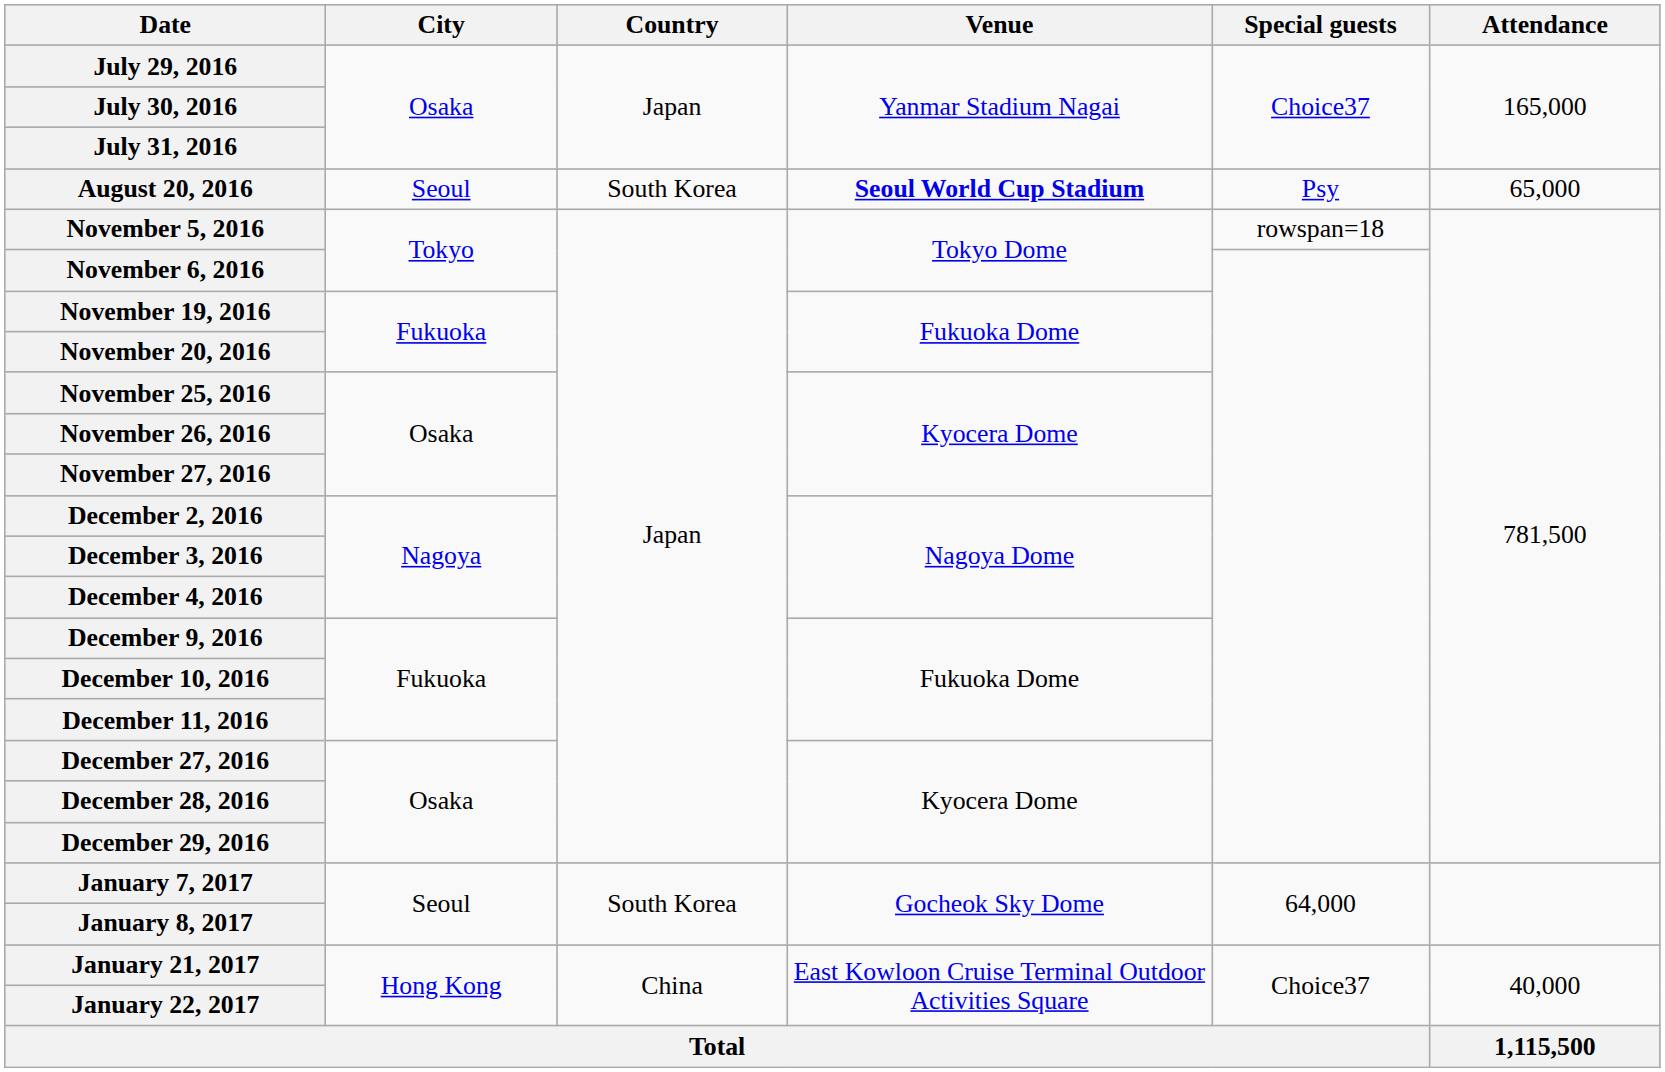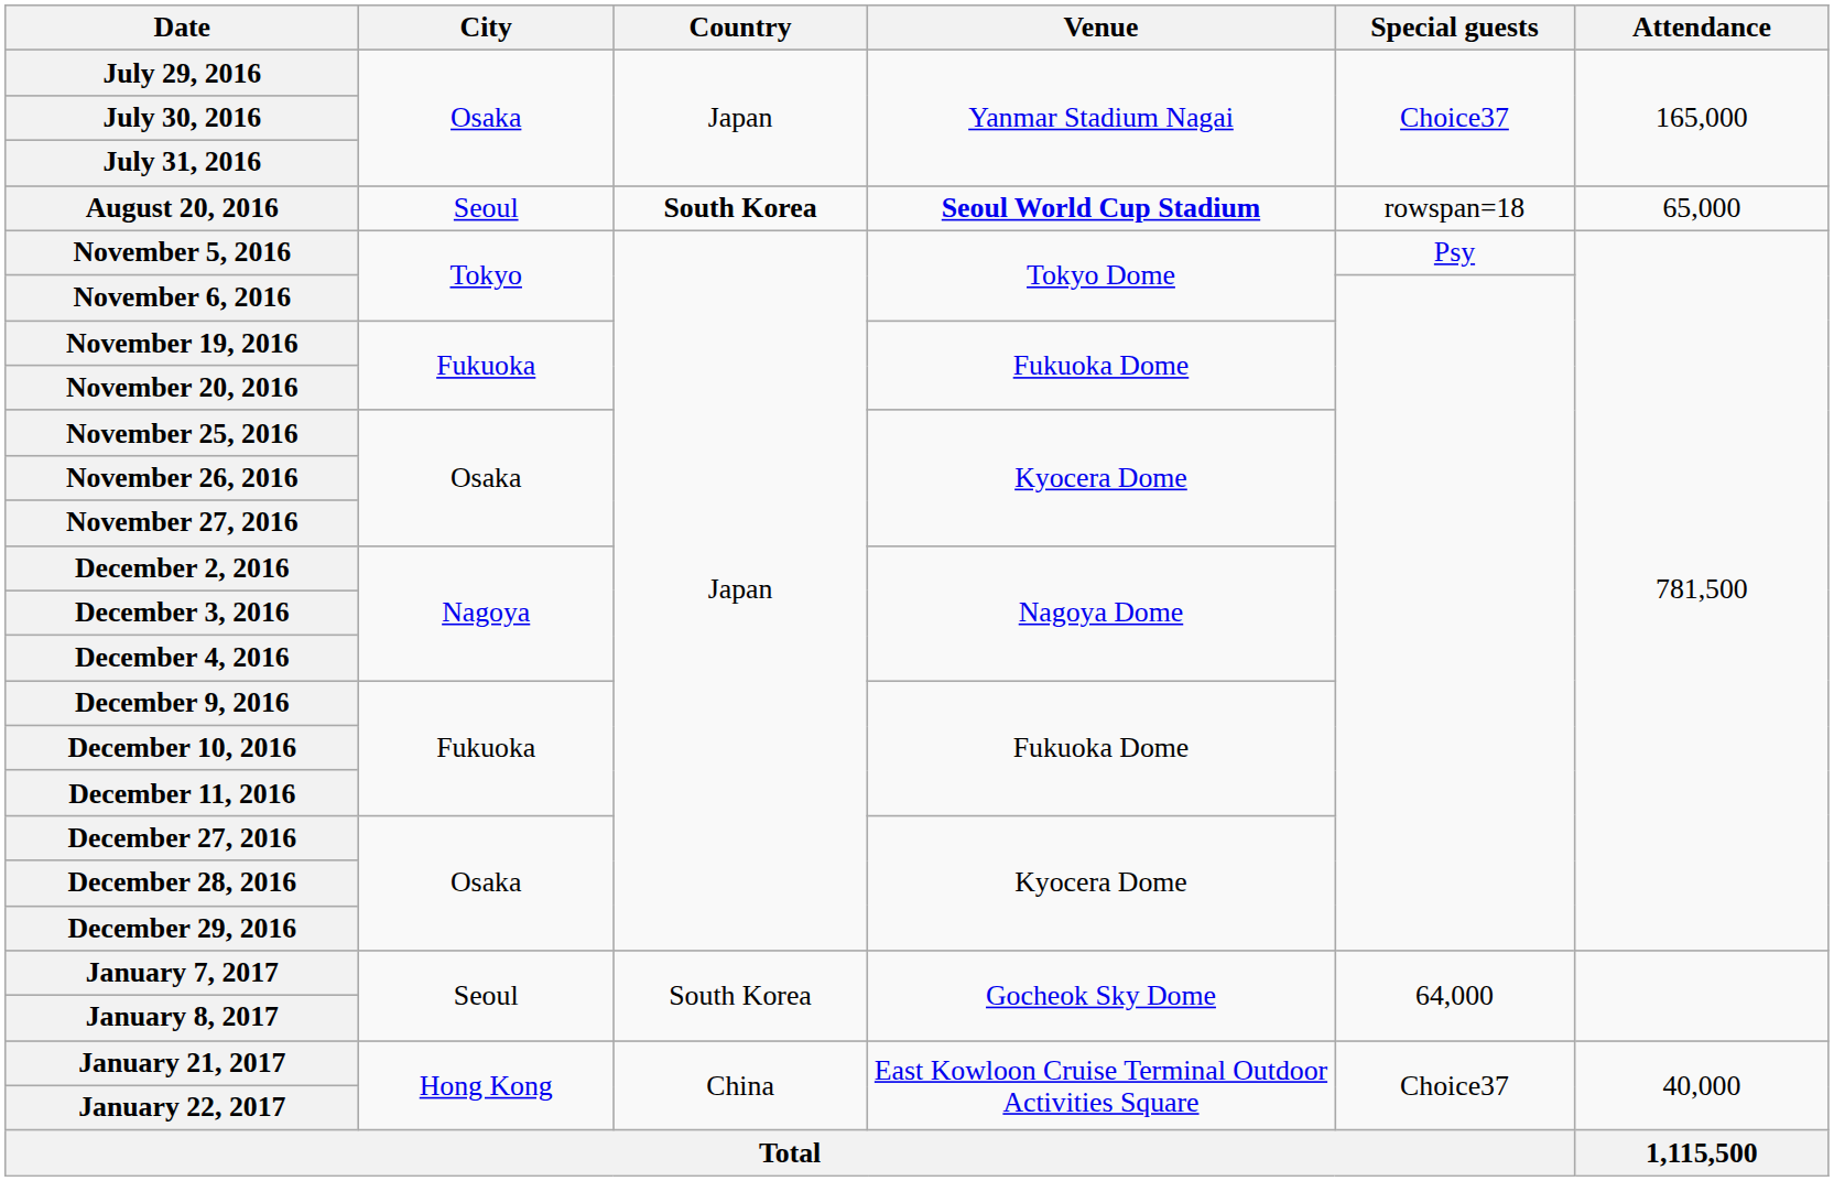 <table class="wikitable plainrowheaders" style="text-align:center;">
 <tr>
 <th scope="col" style="width:12em;">Date</th>
 <th scope="col" style="width:8.5em;">City</th>
 <th scope="col" style="width:8.5em;">Country</th>
 <th scope="col" style="width:16em;">Venue</th>
 <th scope="col" style="width:8em;">Special guests</th>
 <th scope="col" style="width:8.5em;">Attendance</th>
 </tr>
 <tr>
 <th scope="row" style="text-align:center">July 29, 2016</th>
 <td rowspan="3"><a href='#'>Osaka</a></td>
 <td rowspan="3">Japan</td>
 <td rowspan="3"><a href='#'>Yanmar Stadium Nagai</a></td>
 <td rowspan="3"><a href='#'>Choice37</a></td>
 <td rowspan="3">165,000</td>
 </tr>
 <tr>
 <th scope="row" style="text-align:center">July 30, 2016</th>
 </tr>
 <tr>
 <th scope="row" style="text-align:center">July 31, 2016</th>
 </tr>
 <tr>
 <th scope="row" style="text-align:center">August 20, 2016</th>
 <td><a href='#'>Seoul</a></td>
-<td>South Korea</td>
+<td><strong>South Korea</strong></td>
 <td><strong><a href='#'>Seoul World Cup Stadium</a></strong></td>
-<td><a href='#'>Psy</a></td>
+<td>rowspan=18 </td>
 <td>65,000</td>
 </tr>
 <tr>
 <th scope="row" style="text-align:center">November 5, 2016</th>
 <td rowspan=2><a href='#'>Tokyo</a></td>
 <td rowspan=16>Japan</td>
 <td rowspan=2><a href='#'>Tokyo Dome</a></td>
-<td>rowspan=18 </td>
+<td><a href='#'>Psy</a></td>
 <td rowspan=16>781,500</td>
 </tr>
 <tr>
 <th scope="row" style="text-align:center">November 6, 2016</th>
 </tr>
 <tr>
 <th scope="row" style="text-align:center">November 19, 2016</th>
 <td rowspan=2><a href='#'>Fukuoka</a></td>
 <td rowspan=2><a href='#'>Fukuoka Dome</a></td>
 </tr>
 <tr>
 <th scope="row" style="text-align:center">November 20, 2016</th>
 </tr>
 <tr>
 <th scope="row" style="text-align:center">November 25, 2016</th>
 <td rowspan=3>Osaka</td>
 <td rowspan=3><a href='#'>Kyocera Dome</a></td>
 </tr>
 <tr>
 <th scope="row" style="text-align:center">November 26, 2016</th>
 </tr>
 <tr>
 <th scope="row" style="text-align:center">November 27, 2016</th>
 </tr>
 <tr>
 <th scope="row" style="text-align:center">December 2, 2016</th>
 <td rowspan=3><a href='#'>Nagoya</a></td>
 <td rowspan=3><a href='#'>Nagoya Dome</a></td>
 </tr>
 <tr>
 <th scope="row" style="text-align:center">December 3, 2016</th>
 </tr>
 <tr>
 <th scope="row" style="text-align:center">December 4, 2016</th>
 </tr>
 <tr>
 <th scope="row" style="text-align:center">December 9, 2016</th>
 <td rowspan=3>Fukuoka</td>
 <td rowspan=3>Fukuoka Dome</td>
 </tr>
 <tr>
 <th scope="row" style="text-align:center">December 10, 2016</th>
 </tr>
 <tr>
 <th scope="row" style="text-align:center">December 11, 2016</th>
 </tr>
 <tr>
 <th scope="row" style="text-align:center">December 27, 2016</th>
 <td rowspan=3>Osaka</td>
 <td rowspan=3>Kyocera Dome</td>
 </tr>
 <tr>
 <th scope="row" style="text-align:center">December 28, 2016</th>
 </tr>
 <tr>
 <th scope="row" style="text-align:center">December 29, 2016</th>
 </tr>
 <tr>
 <th scope="row" style="text-align:center">January 7, 2017</th>
 <td rowspan="2">Seoul</td>
 <td rowspan="2">South Korea</td>
 <td rowspan="2"><a href='#'>Gocheok Sky Dome</a></td>
 <td rowspan="2">64,000</td>
 </tr>
 <tr>
 <th scope="row" style="text-align:center">January 8, 2017</th>
 </tr>
 <tr>
 <th scope="row" style="text-align:center">January 21, 2017</th>
 <td rowspan="2"><a href='#'>Hong Kong</a></td>
 <td rowspan="2">China</td>
 <td rowspan="2"><a href='#'>East Kowloon Cruise Terminal Outdoor Activities Square</a></td>
 <td rowspan="2">Choice37</td>
 <td rowspan="2">40,000</td>
 </tr>
 <tr>
 <th scope="row" style="text-align:center">January 22, 2017</th>
 </tr>
 <tr>
 <th colspan="5">Total</th>
 <th>1,115,500</th>
 </tr>
 </table>
